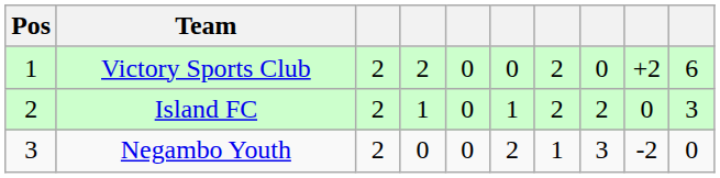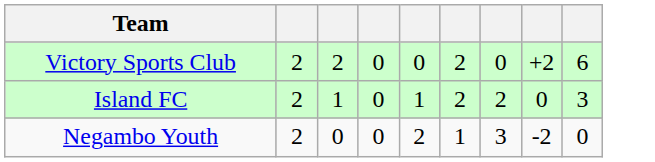 <table class="wikitable" style="text-align: center;">
 <tr>
-<th width="20">Pos</th>
 <th width="175">Team</th>
 <th width="20"></th>
 <th width="20"></th>
 <th width="20"></th>
 <th width="20"></th>
 <th width="20"></th>
 <th width="20"></th>
 <th width="20"></th>
 <th width="20"></th>
 </tr>
 <tr style="background:#ccffcc">
-<td>1</td>
 <td><a href='#'>Victory Sports Club</a></td>
 <td>2</td>
 <td>2</td>
 <td>0</td>
 <td>0</td>
 <td>2</td>
 <td>0</td>
 <td>+2</td>
 <td>6</td>
 </tr>
 <tr style="background:#ccffcc">
-<td>2</td>
 <td><a href='#'>Island FC</a></td>
 <td>2</td>
 <td>1</td>
 <td>0</td>
 <td>1</td>
 <td>2</td>
 <td>2</td>
 <td>0</td>
 <td>3</td>
 </tr>
 <tr>
-<td>3</td>
 <td><a href='#'>Negambo Youth</a></td>
 <td>2</td>
 <td>0</td>
 <td>0</td>
 <td>2</td>
 <td>1</td>
 <td>3</td>
 <td>-2</td>
 <td>0</td>
 </tr>
 </table>
